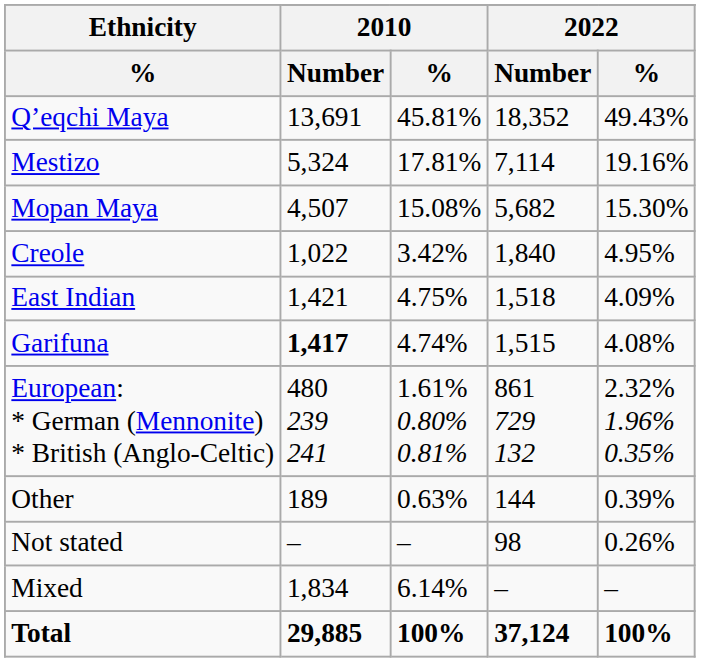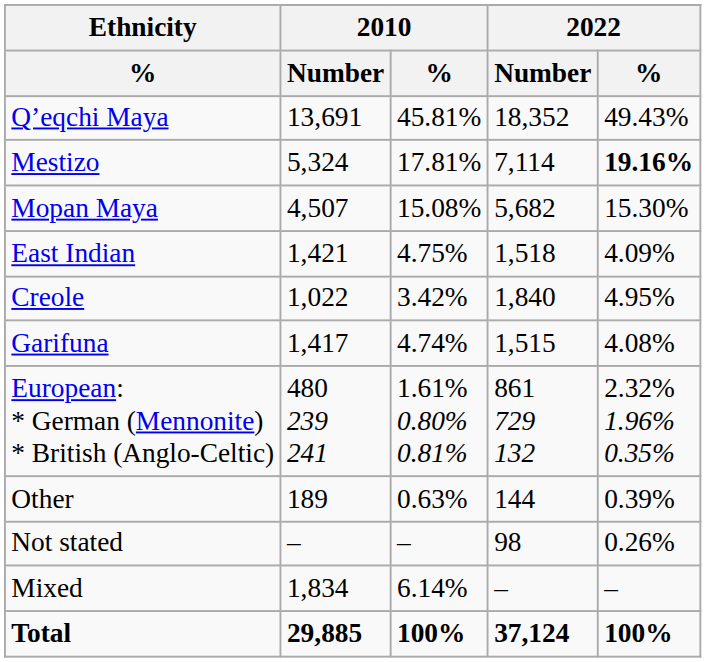 <table class="wikitable sortable left" style="font-size: 90%;">
 <tr>
 <th rowspan="2">Ethnicity</th>
 </tr>
 <tr>
 <th colspan="2">2010</th>
 <th colspan="2">2022</th>
 </tr>
 <tr>
 <th>%</th>
 <th>Number</th>
 <th>%</th>
 <th>Number</th>
 <th>%</th>
 </tr>
 <tr>
 <td><a href='#'>Qʼeqchi Maya</a></td>
 <td>13,691</td>
 <td>45.81%</td>
 <td>18,352</td>
 <td>49.43%</td>
 </tr>
 <tr>
 <td><a href='#'>Mestizo</a></td>
 <td>5,324</td>
 <td>17.81%</td>
 <td>7,114</td>
-<td>19.16%</td>
+<td><strong>19.16%</strong></td>
 </tr>
 <tr>
 <td><a href='#'>Mopan Maya</a></td>
 <td>4,507</td>
 <td>15.08%</td>
 <td>5,682</td>
 <td>15.30%</td>
 </tr>
 <tr>
+<td><a href='#'>East Indian</a></td>
+<td>1,421</td>
+<td>4.75%</td>
+<td>1,518</td>
+<td>4.09%</td>
+</tr>
+<tr>
 <td><a href='#'>Creole</a></td>
 <td>1,022</td>
 <td>3.42%</td>
 <td>1,840</td>
 <td>4.95%</td>
 </tr>
 <tr>
-<td><a href='#'>East Indian</a></td>
-<td>1,421</td>
-<td>4.75%</td>
-<td>1,518</td>
-<td>4.09%</td>
-</tr>
-<tr>
 <td><a href='#'>Garifuna</a></td>
-<td><strong>1,417</strong></td>
+<td>1,417</td>
 <td>4.74%</td>
 <td>1,515</td>
 <td>4.08%</td>
 </tr>
 <tr>
 <td><a href='#'>European</a>:<br>* German (<a href='#'>Mennonite</a>)<br>* British (Anglo-Celtic)</td>
 <td>480<br><em>239<br>241</em></td>
 <td>1.61%<br><em>0.80%<br>0.81%</em></td>
 <td>861<br><em>729<br>132</em></td>
 <td>2.32%<br><em>1.96%<br>0.35%</em></td>
 </tr>
 <tr>
 <td>Other</td>
 <td>189</td>
 <td>0.63%</td>
 <td>144</td>
 <td>0.39%</td>
 </tr>
 <tr>
 <td>Not stated</td>
 <td>–</td>
 <td>–</td>
 <td>98</td>
 <td>0.26%</td>
 </tr>
 <tr>
 <td>Mixed</td>
 <td>1,834</td>
 <td>6.14%</td>
 <td>–</td>
 <td>–</td>
 </tr>
 <tr>
 <td><strong>Total</strong></td>
 <td><strong>29,885</strong></td>
 <td><strong>100%</strong></td>
 <td><strong>37,124</strong></td>
 <td><strong>100%</strong></td>
 </tr>
 </table>
